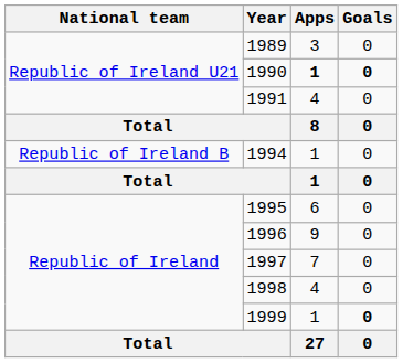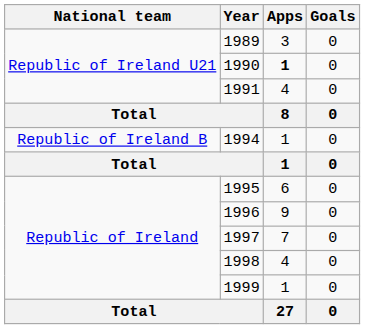 <table class=wikitable style=text-align:center>
 <tr>
 <th>National team</th>
 <th>Year</th>
 <th>Apps</th>
 <th>Goals</th>
 </tr>
 <tr>
 <td rowspan=3><a href='#'>Republic of Ireland U21</a></td>
 <td>1989</td>
 <td>3</td>
 <td>0</td>
 </tr>
 <tr>
 <td>1990</td>
 <td><strong>1</strong></td>
-<td><strong>0</strong></td>
+<td>0</td>
 </tr>
 <tr>
 <td>1991</td>
 <td>4</td>
 <td>0</td>
 </tr>
 <tr>
 <th colspan=2>Total</th>
 <th>8</th>
 <th>0</th>
 </tr>
 <tr>
 <td rowspan=1><a href='#'>Republic of Ireland B</a></td>
 <td>1994</td>
 <td>1</td>
 <td>0</td>
 </tr>
 <tr>
 <th colspan=2>Total</th>
 <th>1</th>
 <th>0</th>
 </tr>
 <tr>
 <td rowspan=5><a href='#'>Republic of Ireland</a></td>
 <td>1995</td>
 <td>6</td>
 <td>0</td>
 </tr>
 <tr>
 <td>1996</td>
 <td>9</td>
 <td>0</td>
 </tr>
 <tr>
 <td>1997</td>
 <td>7</td>
 <td>0</td>
 </tr>
 <tr>
 <td>1998</td>
 <td>4</td>
 <td>0</td>
 </tr>
 <tr>
 <td>1999</td>
 <td>1</td>
-<td><strong>0</strong></td>
+<td>0</td>
 </tr>
 <tr>
 <th colspan=2>Total</th>
 <th>27</th>
 <th>0</th>
 </tr>
 </table>
